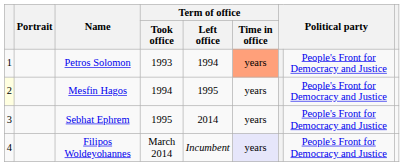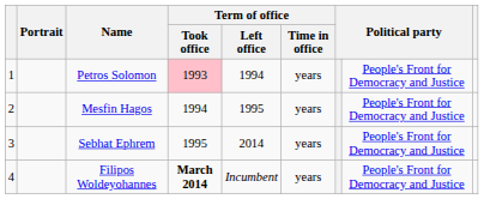 <table class="wikitable" style="text-align:center">
 <tr>
 <th rowspan=2></th>
 <th rowspan=2>Portrait</th>
 <th rowspan=2>Name<br></th>
 <th colspan=3>Term of office</th>
 <th colspan=2 rowspan=2>Political party</th>
 <th rowspan=2></th>
 </tr>
 <tr>
 <th>Took office</th>
 <th>Left office</th>
 <th>Time in office</th>
 </tr>
 <tr>
 <td>1</td>
 <td></td>
 <td><a href='#'>Petros Solomon</a><br></td>
-<td>1993</td>
+<td style="background: pink;">1993</td>
 <td>1994</td>
-<td style="background: lightsalmon;"> years</td>
+<td> years</td>
 <th style="background:"></th>
 <td><a href='#'>People's Front for Democracy and Justice</a></td>
 <td></td>
 </tr>
 <tr>
-<td style="background: lightyellow;">2</td>
+<td>2</td>
 <td></td>
 <td><a href='#'>Mesfin Hagos</a><br></td>
 <td>1994</td>
 <td>1995</td>
 <td> years</td>
 <th style="background:"></th>
 <td><a href='#'>People's Front for Democracy and Justice</a></td>
 <td></td>
 </tr>
 <tr>
 <td>3</td>
 <td></td>
 <td><a href='#'>Sebhat Ephrem</a><br></td>
 <td>1995</td>
 <td>2014</td>
 <td> years</td>
 <th style="background:"></th>
 <td><a href='#'>People's Front for Democracy and Justice</a></td>
 <td></td>
 </tr>
 <tr>
 <td>4</td>
 <td></td>
 <td><a href='#'>Filipos Woldeyohannes</a><br></td>
-<td>March 2014</td>
+<td><strong>March 2014</strong></td>
 <td><em>Incumbent</em></td>
-<td style="background: lavender;"> years</td>
+<td> years</td>
 <th style="background:"></th>
 <td><a href='#'>People's Front for Democracy and Justice</a></td>
 <td></td>
 </tr>
 </table>
